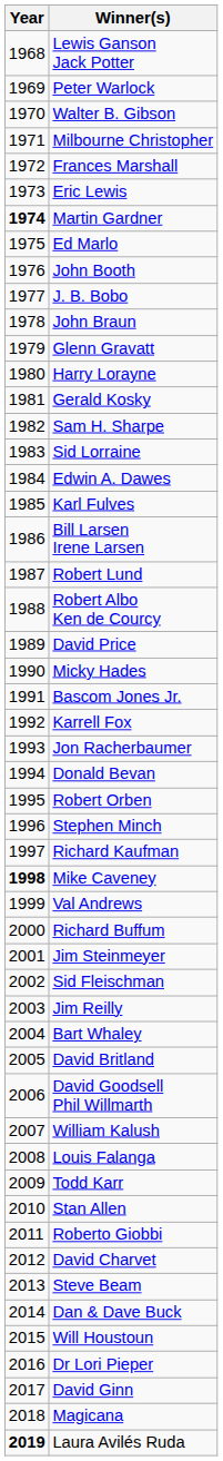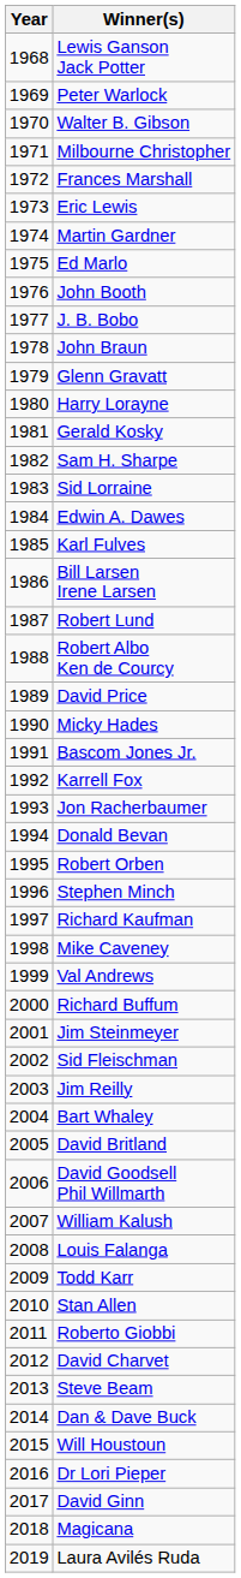 <table class="wikitable sortable">
 <tr>
 <th>Year</th>
 <th>Winner(s)</th>
 </tr>
 <tr>
 <td>1968</td>
 <td><a href='#'>Lewis Ganson</a><br><a href='#'>Jack Potter</a></td>
 </tr>
 <tr>
 <td>1969</td>
 <td><a href='#'>Peter Warlock</a></td>
 </tr>
 <tr>
 <td>1970</td>
 <td><a href='#'>Walter B. Gibson</a></td>
 </tr>
 <tr>
 <td>1971</td>
 <td><a href='#'>Milbourne Christopher</a></td>
 </tr>
 <tr>
 <td>1972</td>
 <td><a href='#'>Frances Marshall</a></td>
 </tr>
 <tr>
 <td>1973</td>
 <td><a href='#'>Eric Lewis</a></td>
 </tr>
 <tr>
-<td><strong>1974</strong></td>
+<td>1974</td>
 <td><a href='#'>Martin Gardner</a></td>
 </tr>
 <tr>
 <td>1975</td>
 <td><a href='#'>Ed Marlo</a></td>
 </tr>
 <tr>
 <td>1976</td>
 <td><a href='#'>John Booth</a></td>
 </tr>
 <tr>
 <td>1977</td>
 <td><a href='#'>J. B. Bobo</a></td>
 </tr>
 <tr>
 <td>1978</td>
 <td><a href='#'>John Braun</a></td>
 </tr>
 <tr>
 <td>1979</td>
 <td><a href='#'>Glenn Gravatt</a></td>
 </tr>
 <tr>
 <td>1980</td>
 <td><a href='#'>Harry Lorayne</a></td>
 </tr>
 <tr>
 <td>1981</td>
 <td><a href='#'>Gerald Kosky</a></td>
 </tr>
 <tr>
 <td>1982</td>
 <td><a href='#'>Sam H. Sharpe</a></td>
 </tr>
 <tr>
 <td>1983</td>
 <td><a href='#'>Sid Lorraine</a></td>
 </tr>
 <tr>
 <td>1984</td>
 <td><a href='#'>Edwin A. Dawes</a></td>
 </tr>
 <tr>
 <td>1985</td>
 <td><a href='#'>Karl Fulves</a></td>
 </tr>
 <tr>
 <td>1986</td>
 <td><a href='#'>Bill Larsen</a><br><a href='#'>Irene Larsen</a></td>
 </tr>
 <tr>
 <td>1987</td>
 <td><a href='#'>Robert Lund</a></td>
 </tr>
 <tr>
 <td>1988</td>
 <td><a href='#'>Robert Albo</a><br><a href='#'>Ken de Courcy</a></td>
 </tr>
 <tr>
 <td>1989</td>
 <td><a href='#'>David Price</a></td>
 </tr>
 <tr>
 <td>1990</td>
 <td><a href='#'>Micky Hades</a></td>
 </tr>
 <tr>
 <td>1991</td>
 <td><a href='#'>Bascom Jones Jr.</a></td>
 </tr>
 <tr>
 <td>1992</td>
 <td><a href='#'>Karrell Fox</a></td>
 </tr>
 <tr>
 <td>1993</td>
 <td><a href='#'>Jon Racherbaumer</a></td>
 </tr>
 <tr>
 <td>1994</td>
 <td><a href='#'>Donald Bevan</a></td>
 </tr>
 <tr>
 <td>1995</td>
 <td><a href='#'>Robert Orben</a></td>
 </tr>
 <tr>
 <td>1996</td>
 <td><a href='#'>Stephen Minch</a></td>
 </tr>
 <tr>
 <td>1997</td>
 <td><a href='#'>Richard Kaufman</a></td>
 </tr>
 <tr>
-<td><strong>1998</strong></td>
+<td>1998</td>
 <td><a href='#'>Mike Caveney</a></td>
 </tr>
 <tr>
 <td>1999</td>
 <td><a href='#'>Val Andrews</a></td>
 </tr>
 <tr>
 <td>2000</td>
 <td><a href='#'>Richard Buffum</a></td>
 </tr>
 <tr>
 <td>2001</td>
 <td><a href='#'>Jim Steinmeyer</a></td>
 </tr>
 <tr>
 <td>2002</td>
 <td><a href='#'>Sid Fleischman</a></td>
 </tr>
 <tr>
 <td>2003</td>
 <td><a href='#'>Jim Reilly</a></td>
 </tr>
 <tr>
 <td>2004</td>
 <td><a href='#'>Bart Whaley</a></td>
 </tr>
 <tr>
 <td>2005</td>
 <td><a href='#'>David Britland</a></td>
 </tr>
 <tr>
 <td>2006</td>
 <td><a href='#'>David Goodsell</a><br><a href='#'>Phil Willmarth</a></td>
 </tr>
 <tr>
 <td>2007</td>
 <td><a href='#'>William Kalush</a></td>
 </tr>
 <tr>
 <td>2008</td>
 <td><a href='#'>Louis Falanga</a></td>
 </tr>
 <tr>
 <td>2009</td>
 <td><a href='#'>Todd Karr</a></td>
 </tr>
 <tr>
 <td>2010</td>
 <td><a href='#'>Stan Allen</a></td>
 </tr>
 <tr>
 <td>2011</td>
 <td><a href='#'>Roberto Giobbi</a></td>
 </tr>
 <tr>
 <td>2012</td>
 <td><a href='#'>David Charvet</a></td>
 </tr>
 <tr>
 <td>2013</td>
 <td><a href='#'>Steve Beam</a></td>
 </tr>
 <tr>
 <td>2014</td>
 <td><a href='#'>Dan & Dave Buck</a></td>
 </tr>
 <tr>
 <td>2015</td>
 <td><a href='#'>Will Houstoun</a></td>
 </tr>
 <tr>
 <td>2016</td>
 <td><a href='#'>Dr Lori Pieper</a></td>
 </tr>
 <tr>
 <td>2017</td>
 <td><a href='#'>David Ginn</a></td>
 </tr>
 <tr>
 <td>2018</td>
 <td><a href='#'>Magicana</a></td>
 </tr>
 <tr>
-<td><strong>2019</strong></td>
+<td>2019</td>
 <td>Laura Avilés Ruda</td>
 </tr>
 </table>
